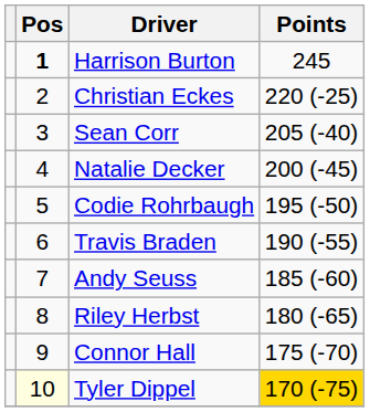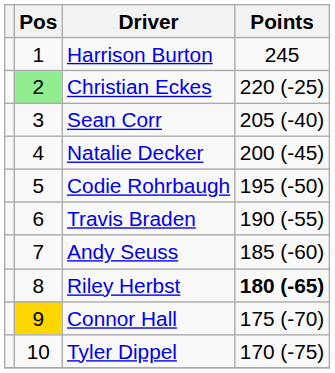 <table class="wikitable" style="font-size: 95%;">
 <tr>
 <th></th>
 <th>Pos</th>
 <th>Driver</th>
 <th>Points</th>
 </tr>
 <tr>
 <td align="left"></td>
-<td style="text-align:center;"><strong>1</strong></td>
+<td style="text-align:center;">1</td>
 <td><a href='#'>Harrison Burton</a></td>
 <td style="text-align:center;">245</td>
 </tr>
 <tr>
 <td align="left"></td>
-<td style="text-align:center;">2</td>
+<td style="background: lightgreen; text-align:center;">2</td>
 <td><a href='#'>Christian Eckes</a></td>
 <td style="text-align:center;">220 (-25)</td>
 </tr>
 <tr>
 <td align="left"></td>
 <td style="text-align:center;">3</td>
 <td><a href='#'>Sean Corr</a></td>
 <td style="text-align:center;">205 (-40)</td>
 </tr>
 <tr>
 <td align="left"></td>
 <td style="text-align:center;">4</td>
 <td><a href='#'>Natalie Decker</a></td>
 <td style="text-align:center;">200 (-45)</td>
 </tr>
 <tr>
 <td align="left"></td>
 <td style="text-align:center;">5</td>
 <td><a href='#'>Codie Rohrbaugh</a></td>
 <td style="text-align:center;">195 (-50)</td>
 </tr>
 <tr>
 <td align="left"></td>
 <td style="text-align:center;">6</td>
 <td><a href='#'>Travis Braden</a></td>
 <td style="text-align:center;">190 (-55)</td>
 </tr>
 <tr>
 <td align="left"></td>
 <td style="text-align:center;">7</td>
 <td><a href='#'>Andy Seuss</a></td>
 <td style="text-align:center;">185 (-60)</td>
 </tr>
 <tr>
 <td align="left"></td>
 <td style="text-align:center;">8</td>
 <td><a href='#'>Riley Herbst</a></td>
-<td style="text-align:center;">180 (-65)</td>
+<td style="text-align:center;"><strong>180 (-65)</strong></td>
 </tr>
 <tr>
 <td align="left"></td>
-<td style="text-align:center;">9</td>
+<td style="background: gold; text-align:center;">9</td>
 <td><a href='#'>Connor Hall</a></td>
 <td style="text-align:center;">175 (-70)</td>
 </tr>
 <tr>
 <td align="left"></td>
-<td style="background: lightyellow; text-align:center;">10</td>
+<td style="text-align:center;">10</td>
 <td><a href='#'>Tyler Dippel</a></td>
-<td style="background: gold; text-align:center;">170 (-75)</td>
+<td style="text-align:center;">170 (-75)</td>
 </tr>
 <tr class="sortbottom">
 </tr>
 </table>
